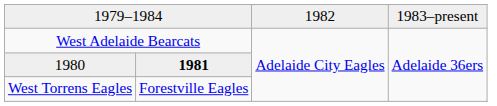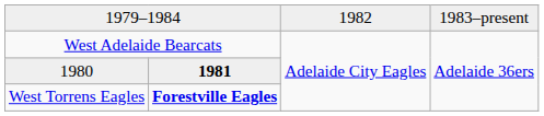 <table class="wikitable">
 <tr align=center>
 <td colspan="2" style="background:#efefef;">1979–1984</td>
 <td style="background:#efefef;">1982</td>
 <td style="background:#efefef;">1983–present</td>
 </tr>
 <tr align=center>
 <td colspan="2"><a href='#'>West Adelaide Bearcats</a></td>
 <td rowspan="3"><a href='#'>Adelaide City Eagles</a></td>
 <td rowspan="3"><a href='#'>Adelaide 36ers</a></td>
 </tr>
 <tr align=center>
 <td style="background:#efefef;">1980</td>
 <td style="background:#efefef;"><strong>1981</strong></td>
 </tr>
 <tr align=center>
 <td><a href='#'>West Torrens Eagles</a></td>
-<td><a href='#'>Forestville Eagles</a></td>
+<td><strong><a href='#'>Forestville Eagles</a></strong></td>
 </tr>
 </table>
